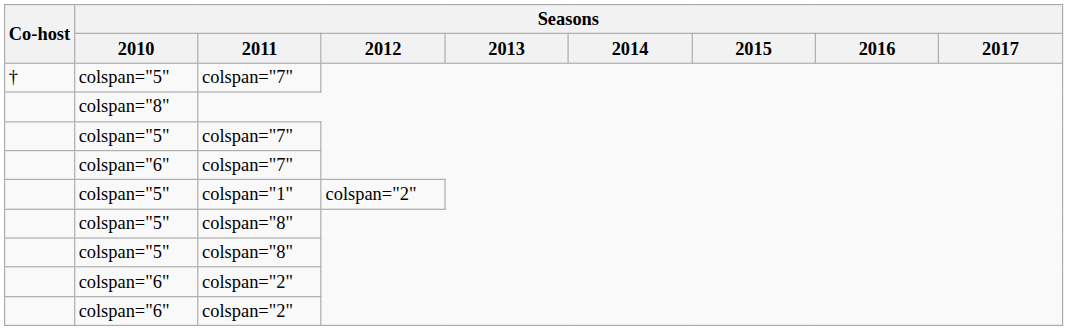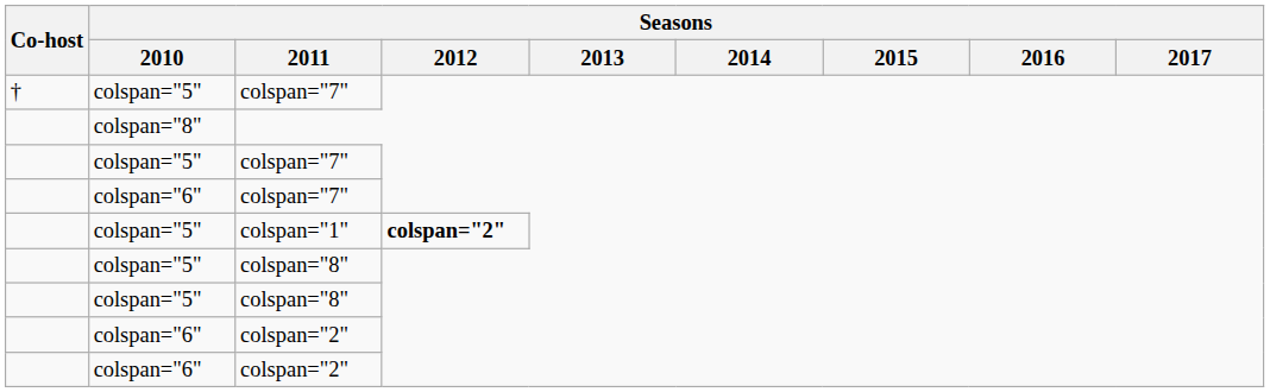 <table class="wikitable" width:"100%">
 <tr>
 <th rowspan="2">Co-host</th>
 <th colspan=9 style=text-align:center;>Seasons</th>
 </tr>
 <tr>
 <th ! style="width:100px;">2010</th>
 <th style="width:100px;">2011</th>
 <th style="width:100px;">2012</th>
 <th style="width:100px;">2013</th>
 <th style="width:100px;">2014</th>
 <th style="width:100px;">2015</th>
 <th style="width:100px;">2016</th>
 <th style="width:100px;">2017</th>
 </tr>
 <tr>
 <td> †</td>
 <td>colspan="5" </td>
 <td>colspan="7" </td>
 </tr>
 <tr>
 <td></td>
 <td>colspan="8" </td>
 </tr>
 <tr>
 <td></td>
 <td>colspan="5" </td>
 <td>colspan="7" </td>
 </tr>
 <tr>
 <td></td>
 <td>colspan="6" </td>
 <td>colspan="7" </td>
 </tr>
 <tr>
 <td></td>
 <td>colspan="5" </td>
 <td>colspan="1" </td>
-<td>colspan="2" </td>
+<td><strong>colspan="2" </strong></td>
 </tr>
 <tr>
 <td></td>
 <td>colspan="5" </td>
 <td>colspan="8" </td>
 </tr>
 <tr>
 <td></td>
 <td>colspan="5" </td>
 <td>colspan="8" </td>
 </tr>
 <tr>
 <td></td>
 <td>colspan="6" </td>
 <td>colspan="2" </td>
 </tr>
 <tr>
 <td></td>
 <td>colspan="6" </td>
 <td>colspan="2" </td>
 </tr>
 </table>
